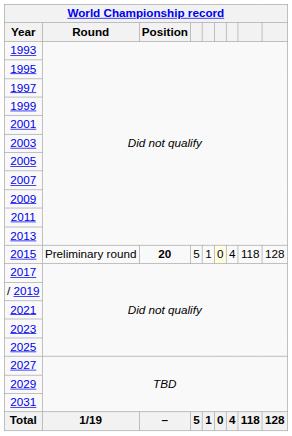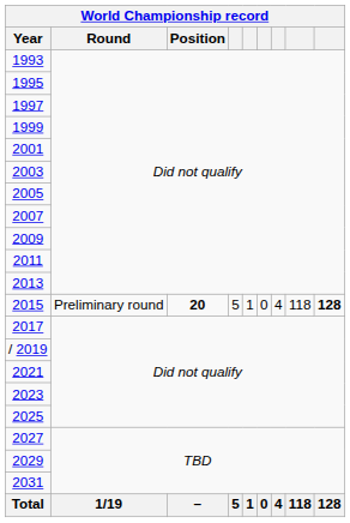 <table class="wikitable" style="text-align: center;">
 <tr>
 <th colspan=9><a href='#'>World Championship record</a></th>
 </tr>
 <tr>
 <th>Year</th>
 <th>Round</th>
 <th>Position</th>
 <th></th>
 <th></th>
 <th></th>
 <th></th>
 <th></th>
 <th></th>
 </tr>
 <tr>
 <td> <a href='#'>1993</a></td>
 <td colspan="8" rowspan="11"><em>Did not qualify</em></td>
 </tr>
 <tr>
 <td> <a href='#'>1995</a></td>
 </tr>
 <tr>
 <td> <a href='#'>1997</a></td>
 </tr>
 <tr>
 <td> <a href='#'>1999</a></td>
 </tr>
 <tr>
 <td> <a href='#'>2001</a></td>
 </tr>
 <tr>
 <td> <a href='#'>2003</a></td>
 </tr>
 <tr>
 <td> <a href='#'>2005</a></td>
 </tr>
 <tr>
 <td> <a href='#'>2007</a></td>
 </tr>
 <tr>
 <td> <a href='#'>2009</a></td>
 </tr>
 <tr>
 <td> <a href='#'>2011</a></td>
 </tr>
 <tr>
 <td> <a href='#'>2013</a></td>
 </tr>
 <tr>
 <td> <a href='#'>2015</a></td>
 <td>Preliminary round</td>
 <td><strong>20</strong></td>
 <td>5</td>
 <td>1</td>
-<td style="background: lightyellow;">0</td>
+<td>0</td>
 <td>4</td>
 <td>118</td>
-<td>128</td>
+<td><strong>128</strong></td>
 </tr>
 <tr>
 <td> <a href='#'>2017</a></td>
 <td colspan="11" rowspan="5"><em>Did not qualify</em></td>
 </tr>
 <tr>
 <td>/ <a href='#'>2019</a></td>
 </tr>
 <tr>
 <td> <a href='#'>2021</a></td>
 </tr>
 <tr>
 <td>  <a href='#'>2023</a></td>
 </tr>
 <tr>
 <td>   <a href='#'>2025</a></td>
 </tr>
 <tr>
 <td> <a href='#'>2027</a></td>
 <td colspan="11" rowspan="3"><em>TBD</em></td>
 </tr>
 <tr>
 <td>  <a href='#'>2029</a></td>
 </tr>
 <tr>
 <td>   <a href='#'>2031</a></td>
 </tr>
 <tr>
 <th><strong>Total</strong></th>
 <th>1/19</th>
 <th>–</th>
 <th>5</th>
 <th>1</th>
 <th>0</th>
 <th>4</th>
 <th>118</th>
 <th>128</th>
 </tr>
 </table>
